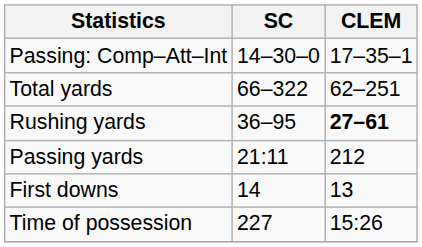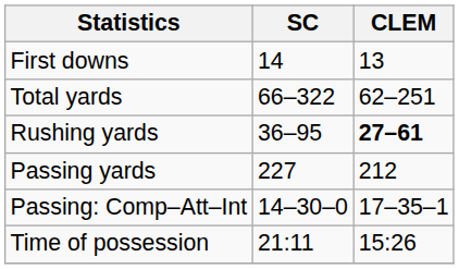 <table class="wikitable" style="float: left;">
 <tr>
 <th>Statistics</th>
 <th>SC</th>
 <th>CLEM</th>
 </tr>
 <tr>
-<td>Passing: Comp–Att–Int</td>
-<td>14–30–0</td>
-<td>17–35–1</td>
+<td>First downs</td>
+<td>14</td>
+<td>13</td>
 </tr>
 <tr>
 <td>Total yards</td>
 <td>66–322</td>
 <td>62–251</td>
 </tr>
 <tr>
 <td>Rushing yards</td>
 <td>36–95</td>
 <td><strong>27–61</strong></td>
 </tr>
 <tr>
 <td>Passing yards</td>
-<td>21:11</td>
+<td>227</td>
 <td>212</td>
 </tr>
 <tr>
-<td>First downs</td>
-<td>14</td>
-<td>13</td>
+<td>Passing: Comp–Att–Int</td>
+<td>14–30–0</td>
+<td>17–35–1</td>
 </tr>
 <tr>
 <td>Time of possession</td>
-<td>227</td>
+<td>21:11</td>
 <td>15:26</td>
 </tr>
 <tr>
 </tr>
 </table>
